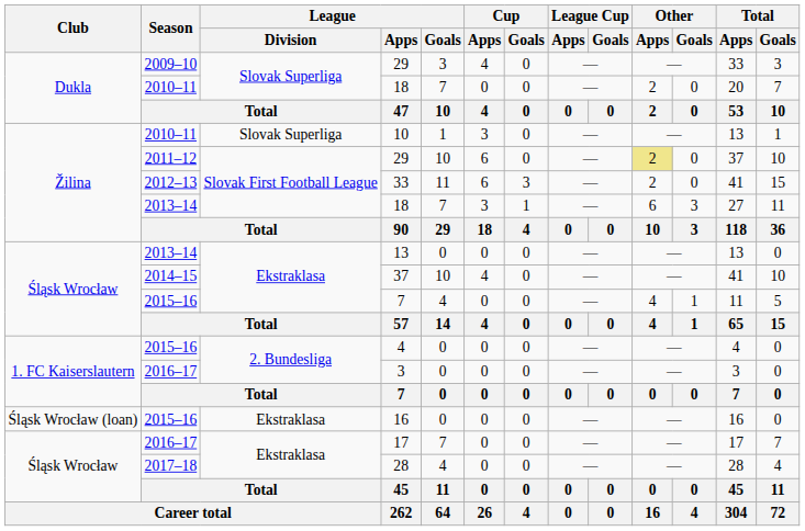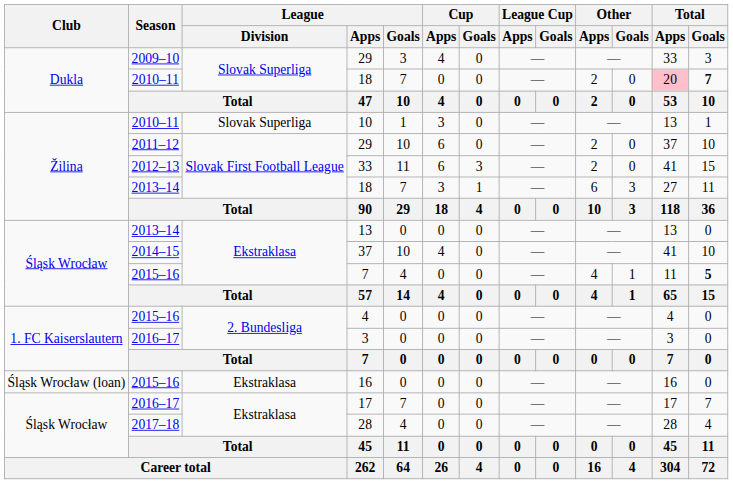 <table class="wikitable" style="text-align:center">
 <tr>
 <th rowspan="2">Club</th>
 <th rowspan="2">Season</th>
 <th colspan="3">League</th>
 <th colspan="2">Cup</th>
 <th colspan="2">League Cup</th>
 <th colspan="2">Other</th>
 <th colspan="2">Total</th>
 </tr>
 <tr>
 <th>Division</th>
 <th>Apps</th>
 <th>Goals</th>
 <th>Apps</th>
 <th>Goals</th>
 <th>Apps</th>
 <th>Goals</th>
 <th>Apps</th>
 <th>Goals</th>
 <th>Apps</th>
 <th>Goals</th>
 </tr>
 <tr>
 <td rowspan="3"><a href='#'>Dukla</a></td>
 <td><a href='#'>2009–10</a></td>
 <td rowspan="2"><a href='#'>Slovak Superliga</a></td>
 <td>29</td>
 <td>3</td>
 <td>4</td>
 <td>0</td>
 <td colspan="2">—</td>
 <td colspan="2">—</td>
 <td>33</td>
 <td>3</td>
 </tr>
 <tr>
 <td><a href='#'>2010–11</a></td>
 <td>18</td>
 <td>7</td>
 <td>0</td>
 <td>0</td>
 <td colspan="2">—</td>
 <td>2</td>
 <td>0</td>
-<td>20</td>
-<td>7</td>
+<td style="background: pink;">20</td>
+<td><strong>7</strong></td>
 </tr>
 <tr>
 <th colspan="2">Total</th>
 <th>47</th>
 <th>10</th>
 <th>4</th>
 <th>0</th>
 <th>0</th>
 <th>0</th>
 <th>2</th>
 <th>0</th>
 <th>53</th>
 <th>10</th>
 </tr>
 <tr>
 <td rowspan=5><a href='#'>Žilina</a></td>
 <td><a href='#'>2010–11</a></td>
 <td>Slovak Superliga</td>
 <td>10</td>
 <td>1</td>
 <td>3</td>
 <td>0</td>
 <td colspan="2">—</td>
 <td colspan="2">—</td>
 <td>13</td>
 <td>1</td>
 </tr>
 <tr>
 <td><a href='#'>2011–12</a></td>
 <td rowspan="3"><a href='#'>Slovak First Football League</a></td>
 <td>29</td>
 <td>10</td>
 <td>6</td>
 <td>0</td>
 <td colspan="2">—</td>
-<td style="background: khaki;">2</td>
+<td>2</td>
 <td>0</td>
 <td>37</td>
 <td>10</td>
 </tr>
 <tr>
 <td><a href='#'>2012–13</a></td>
 <td>33</td>
 <td>11</td>
 <td>6</td>
 <td>3</td>
 <td colspan="2">—</td>
 <td>2</td>
 <td>0</td>
 <td>41</td>
 <td>15</td>
 </tr>
 <tr>
 <td><a href='#'>2013–14</a></td>
 <td>18</td>
 <td>7</td>
 <td>3</td>
 <td>1</td>
 <td colspan="2">—</td>
 <td>6</td>
 <td>3</td>
 <td>27</td>
 <td>11</td>
 </tr>
 <tr>
 <th colspan="2">Total</th>
 <th>90</th>
 <th>29</th>
 <th>18</th>
 <th>4</th>
 <th>0</th>
 <th>0</th>
 <th>10</th>
 <th>3</th>
 <th>118</th>
 <th>36</th>
 </tr>
 <tr>
 <td rowspan="4"><a href='#'>Śląsk Wrocław</a></td>
 <td><a href='#'>2013–14</a></td>
 <td rowspan="3"><a href='#'>Ekstraklasa</a></td>
 <td>13</td>
 <td>0</td>
 <td>0</td>
 <td>0</td>
 <td colspan="2">—</td>
 <td colspan="2">—</td>
 <td>13</td>
 <td>0</td>
 </tr>
 <tr>
 <td><a href='#'>2014–15</a></td>
 <td>37</td>
 <td>10</td>
 <td>4</td>
 <td>0</td>
 <td colspan="2">—</td>
 <td colspan="2">—</td>
 <td>41</td>
 <td>10</td>
 </tr>
 <tr>
 <td><a href='#'>2015–16</a></td>
 <td>7</td>
 <td>4</td>
 <td>0</td>
 <td>0</td>
 <td colspan="2">—</td>
 <td>4</td>
 <td>1</td>
 <td>11</td>
-<td>5</td>
+<td><strong>5</strong></td>
 </tr>
 <tr>
 <th colspan="2">Total</th>
 <th>57</th>
 <th>14</th>
 <th>4</th>
 <th>0</th>
 <th>0</th>
 <th>0</th>
 <th>4</th>
 <th>1</th>
 <th>65</th>
 <th>15</th>
 </tr>
 <tr>
 <td rowspan="3"><a href='#'>1. FC Kaiserslautern</a></td>
 <td><a href='#'>2015–16</a></td>
 <td rowspan="2"><a href='#'>2. Bundesliga</a></td>
 <td>4</td>
 <td>0</td>
 <td>0</td>
 <td>0</td>
 <td colspan="2">—</td>
 <td colspan="2">—</td>
 <td>4</td>
 <td>0</td>
 </tr>
 <tr>
 <td><a href='#'>2016–17</a></td>
 <td>3</td>
 <td>0</td>
 <td>0</td>
 <td>0</td>
 <td colspan="2">—</td>
 <td colspan="2">—</td>
 <td>3</td>
 <td>0</td>
 </tr>
 <tr>
 <th colspan="2">Total</th>
 <th>7</th>
 <th>0</th>
 <th>0</th>
 <th>0</th>
 <th>0</th>
 <th>0</th>
 <th>0</th>
 <th>0</th>
 <th>7</th>
 <th>0</th>
 </tr>
 <tr>
 <td>Śląsk Wrocław (loan)</td>
 <td><a href='#'>2015–16</a></td>
 <td>Ekstraklasa</td>
 <td>16</td>
 <td>0</td>
 <td>0</td>
 <td>0</td>
 <td colspan="2">—</td>
 <td colspan="2">—</td>
 <td>16</td>
 <td>0</td>
 </tr>
 <tr>
 <td rowspan="3">Śląsk Wrocław</td>
 <td><a href='#'>2016–17</a></td>
 <td rowspan="2">Ekstraklasa</td>
 <td>17</td>
 <td>7</td>
 <td>0</td>
 <td>0</td>
 <td colspan="2">—</td>
 <td colspan="2">—</td>
 <td>17</td>
 <td>7</td>
 </tr>
 <tr>
 <td><a href='#'>2017–18</a></td>
 <td>28</td>
 <td>4</td>
 <td>0</td>
 <td>0</td>
 <td colspan="2">—</td>
 <td colspan="2">—</td>
 <td>28</td>
 <td>4</td>
 </tr>
 <tr>
 <th colspan="2">Total</th>
 <th>45</th>
 <th>11</th>
 <th>0</th>
 <th>0</th>
 <th>0</th>
 <th>0</th>
 <th>0</th>
 <th>0</th>
 <th>45</th>
 <th>11</th>
 </tr>
 <tr>
 <th colspan="3">Career total</th>
 <th>262</th>
 <th>64</th>
 <th>26</th>
 <th>4</th>
 <th>0</th>
 <th>0</th>
 <th>16</th>
 <th>4</th>
 <th>304</th>
 <th>72</th>
 </tr>
 </table>
